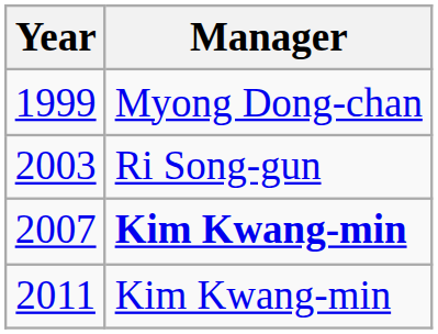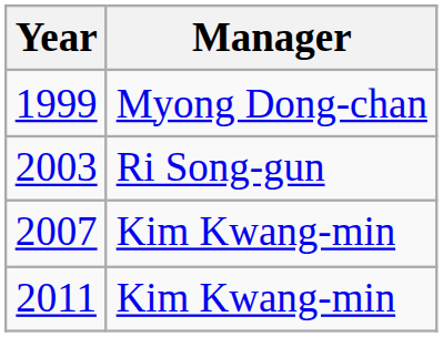 <table class="wikitable">
 <tr>
 <th>Year</th>
 <th>Manager</th>
 </tr>
 <tr>
 <td align=center><a href='#'>1999</a></td>
 <td> <a href='#'>Myong Dong-chan</a></td>
 </tr>
 <tr>
 <td align=center><a href='#'>2003</a></td>
 <td> <a href='#'>Ri Song-gun</a></td>
 </tr>
 <tr>
 <td align=center><a href='#'>2007</a></td>
-<td><strong> <a href='#'>Kim Kwang-min</a></strong></td>
+<td> <a href='#'>Kim Kwang-min</a></td>
 </tr>
 <tr>
 <td align=center><a href='#'>2011</a></td>
 <td> <a href='#'>Kim Kwang-min</a></td>
 </tr>
 </table>
